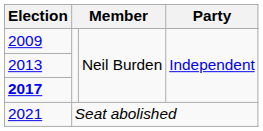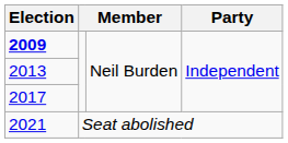 <table class="wikitable">
 <tr>
 <th>Election</th>
 <th colspan="2">Member</th>
 <th>Party</th>
 </tr>
 <tr>
-<td><a href='#'>2009</a></td>
+<td><strong><a href='#'>2009</a></strong></td>
 <td rowspan="3" style="background-color: "></td>
 <td rowspan="3">Neil Burden</td>
 <td rowspan="3"><a href='#'>Independent</a></td>
 </tr>
 <tr>
 <td><a href='#'>2013</a></td>
 </tr>
 <tr>
-<td><strong><a href='#'>2017</a></strong></td>
+<td><a href='#'>2017</a></td>
 </tr>
 <tr>
 <td><a href='#'>2021</a></td>
 <td colspan="3"><em>Seat abolished</em></td>
 </tr>
 </table>
